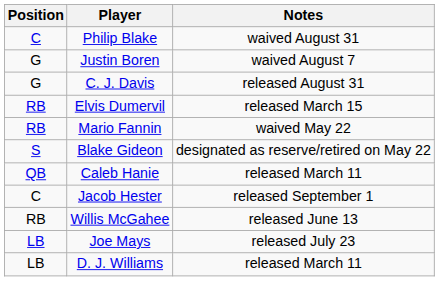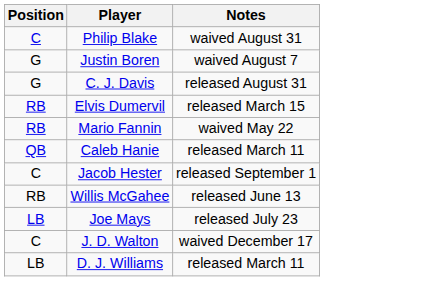 <table class="wikitable" style="text-align:center">
 <tr>
 <th>Position</th>
 <th>Player</th>
 <th>Notes</th>
 </tr>
 <tr>
 <td><a href='#'>C</a></td>
 <td><a href='#'>Philip Blake</a></td>
 <td>waived August 31</td>
 </tr>
 <tr>
 <td>G</td>
 <td><a href='#'>Justin Boren</a></td>
 <td>waived August 7</td>
 </tr>
 <tr>
 <td>G</td>
 <td><a href='#'>C. J. Davis</a></td>
 <td>released August 31</td>
 </tr>
 <tr>
 <td><a href='#'>RB</a></td>
 <td><a href='#'>Elvis Dumervil</a></td>
 <td>released March 15</td>
 </tr>
 <tr>
 <td><a href='#'>RB</a></td>
 <td><a href='#'>Mario Fannin</a></td>
 <td>waived May 22</td>
 </tr>
 <tr>
-<td><a href='#'>S</a></td>
-<td><a href='#'>Blake Gideon</a></td>
-<td>designated as reserve/retired on May 22</td>
-</tr>
-<tr>
 <td><a href='#'>QB</a></td>
 <td><a href='#'>Caleb Hanie</a></td>
 <td>released March 11</td>
 </tr>
 <tr>
 <td>C</td>
 <td><a href='#'>Jacob Hester</a></td>
 <td>released September 1</td>
 </tr>
 <tr>
 <td>RB</td>
 <td><a href='#'>Willis McGahee</a></td>
 <td>released June 13</td>
 </tr>
 <tr>
 <td><a href='#'>LB</a></td>
 <td><a href='#'>Joe Mays</a></td>
 <td>released July 23</td>
 </tr>
 <tr>
+<td>C</td>
+<td><a href='#'>J. D. Walton</a></td>
+<td>waived December 17</td>
+</tr>
+<tr>
 <td>LB</td>
 <td><a href='#'>D. J. Williams</a></td>
 <td>released March 11</td>
 </tr>
 </table>
